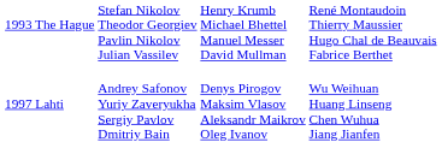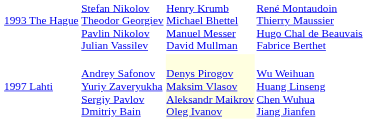 <table>
 <tr>
 <td><a href='#'>1993 The Hague</a></td>
 <td><br><a href='#'>Stefan Nikolov</a><br><a href='#'>Theodor Georgiev</a><br><a href='#'>Pavlin Nikolov</a><br><a href='#'>Julian Vassilev</a></td>
 <td><br><a href='#'>Henry Krumb</a><br><a href='#'>Michael Bhettel</a><br><a href='#'>Manuel Messer</a><br><a href='#'>David Mullman</a></td>
 <td><br><a href='#'>René Montaudoin</a><br><a href='#'>Thierry Maussier</a><br><a href='#'>Hugo Chal de Beauvais</a><br><a href='#'>Fabrice Berthet</a></td>
 </tr>
 <tr>
 <td><a href='#'>1997 Lahti</a></td>
 <td><br><a href='#'>Andrey Safonov</a><br><a href='#'>Yuriy Zaveryukha</a><br><a href='#'>Sergiy Pavlov</a><br><a href='#'>Dmitriy Bain</a></td>
-<td><br><a href='#'>Denys Pirogov</a><br><a href='#'>Maksim Vlasov</a><br><a href='#'>Aleksandr Maikrov</a><br><a href='#'>Oleg Ivanov</a></td>
+<td style="background: lightyellow;"><br><a href='#'>Denys Pirogov</a><br><a href='#'>Maksim Vlasov</a><br><a href='#'>Aleksandr Maikrov</a><br><a href='#'>Oleg Ivanov</a></td>
 <td><br><a href='#'>Wu Weihuan</a><br><a href='#'>Huang Linseng</a><br><a href='#'>Chen Wuhua</a><br><a href='#'>Jiang Jianfen</a></td>
 </tr>
 </table>
